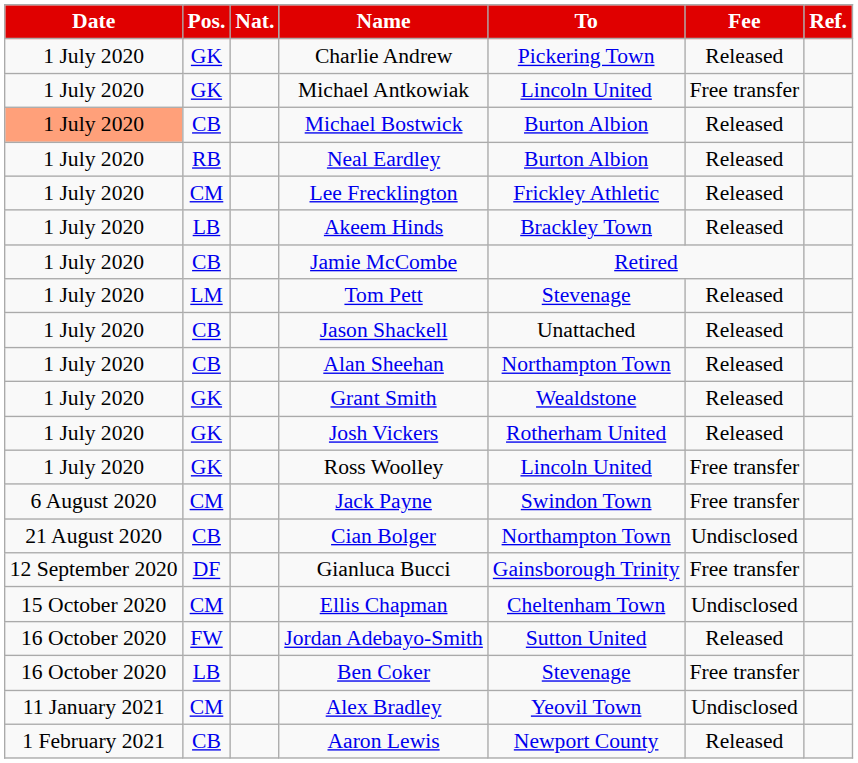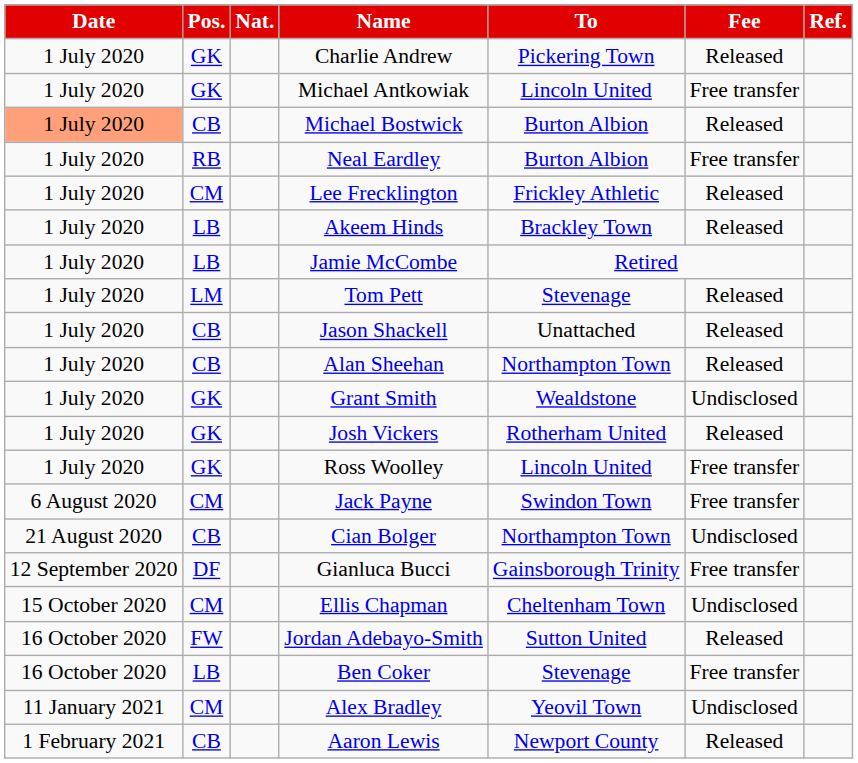 <table class="wikitable" style="text-align:center;">
 <tr>
 <th style="background:#E00000; color:white;">Date</th>
 <th style="background:#E00000; color:white;">Pos.</th>
 <th style="background:#E00000; color:white;">Nat.</th>
 <th style="background:#E00000; color:white;">Name</th>
 <th style="background:#E00000; color:white;">To</th>
 <th style="background:#E00000; color:white;">Fee</th>
 <th style="background:#E00000; color:white;">Ref.</th>
 </tr>
 <tr>
 <td>1 July 2020</td>
 <td><a href='#'>GK</a></td>
 <td></td>
 <td>Charlie Andrew</td>
 <td><a href='#'>Pickering Town</a></td>
 <td>Released</td>
 <td></td>
 </tr>
 <tr>
 <td>1 July 2020</td>
 <td><a href='#'>GK</a></td>
 <td></td>
 <td>Michael Antkowiak</td>
 <td><a href='#'>Lincoln United</a></td>
 <td>Free transfer</td>
 <td></td>
 </tr>
 <tr>
 <td style="background: lightsalmon;">1 July 2020</td>
 <td><a href='#'>CB</a></td>
 <td></td>
 <td><a href='#'>Michael Bostwick</a></td>
 <td><a href='#'>Burton Albion</a></td>
 <td>Released</td>
 <td></td>
 </tr>
 <tr>
 <td>1 July 2020</td>
 <td><a href='#'>RB</a></td>
 <td></td>
 <td><a href='#'>Neal Eardley</a></td>
 <td><a href='#'>Burton Albion</a></td>
-<td>Released</td>
+<td>Free transfer</td>
 <td></td>
 </tr>
 <tr>
 <td>1 July 2020</td>
 <td><a href='#'>CM</a></td>
 <td></td>
 <td><a href='#'>Lee Frecklington</a></td>
 <td><a href='#'>Frickley Athletic</a></td>
 <td>Released</td>
 <td></td>
 </tr>
 <tr>
 <td>1 July 2020</td>
 <td><a href='#'>LB</a></td>
 <td></td>
 <td><a href='#'>Akeem Hinds</a></td>
 <td><a href='#'>Brackley Town</a></td>
 <td>Released</td>
 <td></td>
 </tr>
 <tr>
 <td>1 July 2020</td>
-<td><a href='#'>CB</a></td>
+<td><a href='#'>LB</a></td>
 <td></td>
 <td><a href='#'>Jamie McCombe</a></td>
 <td colspan="2"><a href='#'>Retired</a></td>
 <td></td>
 </tr>
 <tr>
 <td>1 July 2020</td>
 <td><a href='#'>LM</a></td>
 <td></td>
 <td><a href='#'>Tom Pett</a></td>
 <td><a href='#'>Stevenage</a></td>
 <td>Released</td>
 <td></td>
 </tr>
 <tr>
 <td>1 July 2020</td>
 <td><a href='#'>CB</a></td>
 <td></td>
 <td><a href='#'>Jason Shackell</a></td>
 <td>Unattached</td>
 <td>Released</td>
 <td></td>
 </tr>
 <tr>
 <td>1 July 2020</td>
 <td><a href='#'>CB</a></td>
 <td></td>
 <td><a href='#'>Alan Sheehan</a></td>
 <td><a href='#'>Northampton Town</a></td>
 <td>Released</td>
 <td></td>
 </tr>
 <tr>
 <td>1 July 2020</td>
 <td><a href='#'>GK</a></td>
 <td></td>
 <td><a href='#'>Grant Smith</a></td>
 <td><a href='#'>Wealdstone</a></td>
-<td>Released</td>
+<td>Undisclosed</td>
 <td></td>
 </tr>
 <tr>
 <td>1 July 2020</td>
 <td><a href='#'>GK</a></td>
 <td></td>
 <td><a href='#'>Josh Vickers</a></td>
 <td><a href='#'>Rotherham United</a></td>
 <td>Released</td>
 <td></td>
 </tr>
 <tr>
 <td>1 July 2020</td>
 <td><a href='#'>GK</a></td>
 <td></td>
 <td>Ross Woolley</td>
 <td><a href='#'>Lincoln United</a></td>
 <td>Free transfer</td>
 <td></td>
 </tr>
 <tr>
 <td>6 August 2020</td>
 <td><a href='#'>CM</a></td>
 <td></td>
 <td><a href='#'>Jack Payne</a></td>
 <td><a href='#'>Swindon Town</a></td>
 <td>Free transfer</td>
 <td></td>
 </tr>
 <tr>
 <td>21 August 2020</td>
 <td><a href='#'>CB</a></td>
 <td></td>
 <td><a href='#'>Cian Bolger</a></td>
 <td><a href='#'>Northampton Town</a></td>
 <td>Undisclosed</td>
 <td></td>
 </tr>
 <tr>
 <td>12 September 2020</td>
 <td><a href='#'>DF</a></td>
 <td></td>
 <td>Gianluca Bucci</td>
 <td><a href='#'>Gainsborough Trinity</a></td>
 <td>Free transfer</td>
 <td></td>
 </tr>
 <tr>
 <td>15 October 2020</td>
 <td><a href='#'>CM</a></td>
 <td></td>
 <td><a href='#'>Ellis Chapman</a></td>
 <td><a href='#'>Cheltenham Town</a></td>
 <td>Undisclosed</td>
 <td></td>
 </tr>
 <tr>
 <td>16 October 2020</td>
 <td><a href='#'>FW</a></td>
 <td></td>
 <td><a href='#'>Jordan Adebayo-Smith</a></td>
 <td><a href='#'>Sutton United</a></td>
 <td>Released</td>
 <td></td>
 </tr>
 <tr>
 <td>16 October 2020</td>
 <td><a href='#'>LB</a></td>
 <td></td>
 <td><a href='#'>Ben Coker</a></td>
 <td><a href='#'>Stevenage</a></td>
 <td>Free transfer</td>
 <td></td>
 </tr>
 <tr>
 <td>11 January 2021</td>
 <td><a href='#'>CM</a></td>
 <td></td>
 <td><a href='#'>Alex Bradley</a></td>
 <td><a href='#'>Yeovil Town</a></td>
 <td>Undisclosed</td>
 <td></td>
 </tr>
 <tr>
 <td>1 February 2021</td>
 <td><a href='#'>CB</a></td>
 <td></td>
 <td><a href='#'>Aaron Lewis</a></td>
 <td><a href='#'>Newport County</a></td>
 <td>Released</td>
 <td></td>
 </tr>
 </table>
